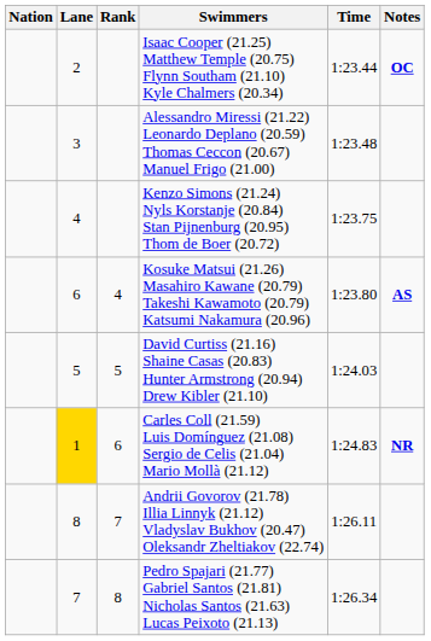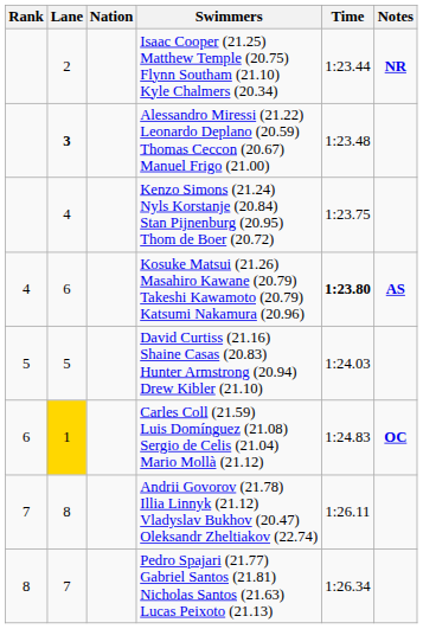 <table class="wikitable sortable" style="text-align:center">
 <tr>
+<th>Rank</th>
+<th>Lane</th>
 <th>Nation</th>
-<th>Lane</th>
-<th>Rank</th>
 <th>Swimmers</th>
 <th>Time</th>
 <th>Notes</th>
 </tr>
 <tr>
+<td></td>
+<td>2</td>
 <td align=left></td>
-<td>2</td>
-<td></td>
 <td align=left><a href='#'>Isaac Cooper</a> (21.25)<br><a href='#'>Matthew Temple</a> (20.75)<br><a href='#'>Flynn Southam</a> (21.10)<br><a href='#'>Kyle Chalmers</a> (20.34)</td>
 <td>1:23.44</td>
-<td><strong><a href='#'>OC</a></strong></td>
+<td><strong><a href='#'>NR</a></strong></td>
 </tr>
 <tr>
+<td></td>
+<td><strong>3</strong></td>
 <td align=left></td>
-<td>3</td>
-<td></td>
 <td align=left><a href='#'>Alessandro Miressi</a> (21.22)<br><a href='#'>Leonardo Deplano</a> (20.59)<br><a href='#'>Thomas Ceccon</a> (20.67)<br><a href='#'>Manuel Frigo</a> (21.00)</td>
 <td>1:23.48</td>
 <td></td>
 </tr>
 <tr>
+<td></td>
+<td>4</td>
 <td align=left></td>
-<td>4</td>
-<td></td>
 <td align=left><a href='#'>Kenzo Simons</a> (21.24)<br><a href='#'>Nyls Korstanje</a> (20.84)<br><a href='#'>Stan Pijnenburg</a> (20.95)<br><a href='#'>Thom de Boer</a> (20.72)</td>
 <td>1:23.75</td>
 <td></td>
 </tr>
 <tr>
+<td>4</td>
+<td>6</td>
 <td align=left></td>
-<td>6</td>
-<td>4</td>
 <td align=left><a href='#'>Kosuke Matsui</a> (21.26)<br><a href='#'>Masahiro Kawane</a> (20.79)<br><a href='#'>Takeshi Kawamoto</a> (20.79)<br><a href='#'>Katsumi Nakamura</a> (20.96)</td>
-<td>1:23.80</td>
+<td><strong>1:23.80</strong></td>
 <td><strong><a href='#'>AS</a></strong></td>
 </tr>
 <tr>
-<td align=left></td>
 <td>5</td>
 <td>5</td>
+<td align=left></td>
 <td align=left><a href='#'>David Curtiss</a> (21.16)<br><a href='#'>Shaine Casas</a> (20.83)<br><a href='#'>Hunter Armstrong</a> (20.94)<br><a href='#'>Drew Kibler</a> (21.10)</td>
 <td>1:24.03</td>
 <td></td>
 </tr>
 <tr>
+<td>6</td>
+<td style="background: gold;">1</td>
 <td align=left></td>
-<td style="background: gold;">1</td>
-<td>6</td>
 <td align=left><a href='#'>Carles Coll</a> (21.59)<br><a href='#'>Luis Domínguez</a> (21.08)<br><a href='#'>Sergio de Celis</a> (21.04)<br><a href='#'>Mario Mollà</a> (21.12)</td>
 <td>1:24.83</td>
-<td><strong><a href='#'>NR</a></strong></td>
+<td><strong><a href='#'>OC</a></strong></td>
 </tr>
 <tr>
+<td>7</td>
+<td>8</td>
 <td align=left></td>
-<td>8</td>
-<td>7</td>
 <td align=left><a href='#'>Andrii Govorov</a> (21.78)<br><a href='#'>Illia Linnyk</a> (21.12)<br><a href='#'>Vladyslav Bukhov</a> (20.47)<br><a href='#'>Oleksandr Zheltiakov</a> (22.74)</td>
 <td>1:26.11</td>
 <td></td>
 </tr>
 <tr>
+<td>8</td>
+<td>7</td>
 <td align=left></td>
-<td>7</td>
-<td>8</td>
 <td align=left><a href='#'>Pedro Spajari</a> (21.77)<br><a href='#'>Gabriel Santos</a> (21.81)<br><a href='#'>Nicholas Santos</a> (21.63)<br><a href='#'>Lucas Peixoto</a> (21.13)</td>
 <td>1:26.34</td>
 <td></td>
 </tr>
 </table>
